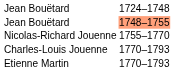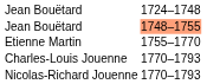 <table>
 <tr>
 <td>Jean Bouëtard</td>
 <td>1724–1748</td>
 </tr>
 <tr>
 <td>Jean Bouëtard</td>
 <td style="background: lightsalmon;">1748–1755</td>
 </tr>
 <tr>
-<td>Nicolas-Richard Jouenne</td>
+<td>Etienne Martin</td>
 <td>1755–1770</td>
 </tr>
 <tr>
 <td>Charles-Louis Jouenne</td>
 <td>1770–1793</td>
 </tr>
 <tr>
-<td>Etienne Martin</td>
+<td>Nicolas-Richard Jouenne</td>
 <td>1770–1793</td>
 </tr>
 </table>
